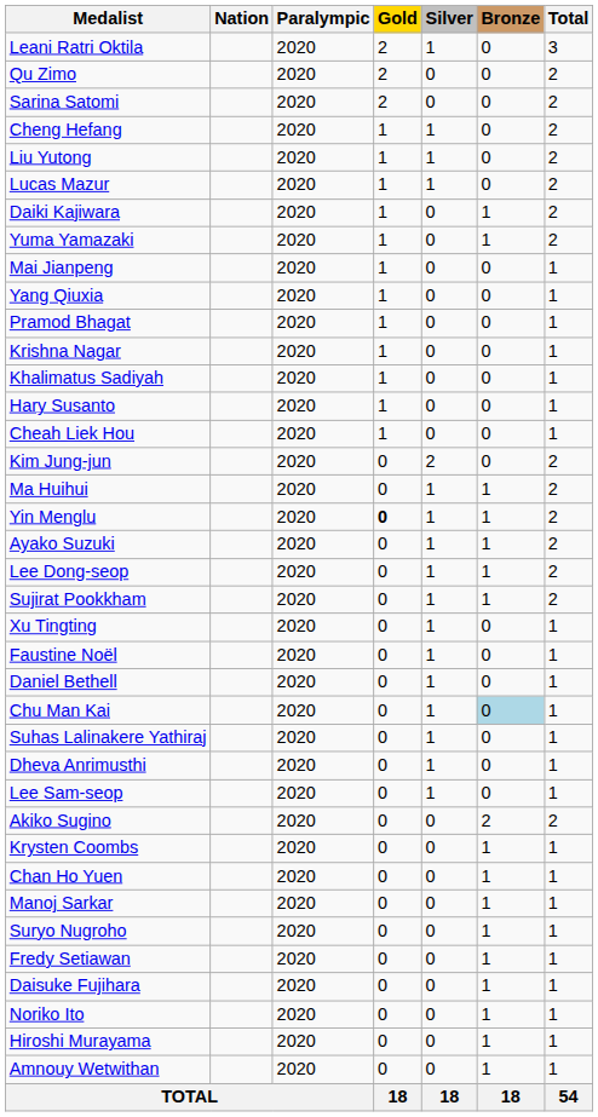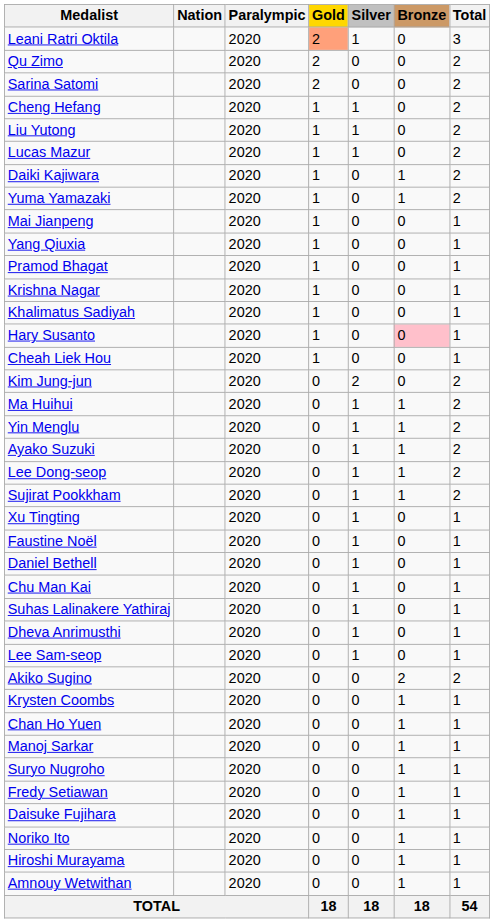 <table class="wikitable sortable">
 <tr>
 <th>Medalist</th>
 <th>Nation</th>
 <th>Paralympic</th>
 <th style="background-color: gold">Gold</th>
 <th style="background-color: silver">Silver</th>
 <th style="background-color: #cc9966">Bronze</th>
 <th>Total</th>
 </tr>
 <tr>
 <td><a href='#'>Leani Ratri Oktila</a></td>
 <td></td>
 <td>2020</td>
-<td>2</td>
+<td style="background: lightsalmon;">2</td>
 <td>1</td>
 <td>0</td>
 <td>3</td>
 </tr>
 <tr>
 <td><a href='#'>Qu Zimo</a></td>
 <td></td>
 <td>2020</td>
 <td>2</td>
 <td>0</td>
 <td>0</td>
 <td>2</td>
 </tr>
 <tr>
 <td><a href='#'>Sarina Satomi</a></td>
 <td></td>
 <td>2020</td>
 <td>2</td>
 <td>0</td>
 <td>0</td>
 <td>2</td>
 </tr>
 <tr>
 <td><a href='#'>Cheng Hefang</a></td>
 <td></td>
 <td>2020</td>
 <td>1</td>
 <td>1</td>
 <td>0</td>
 <td>2</td>
 </tr>
 <tr>
 <td><a href='#'>Liu Yutong</a></td>
 <td></td>
 <td>2020</td>
 <td>1</td>
 <td>1</td>
 <td>0</td>
 <td>2</td>
 </tr>
 <tr>
 <td><a href='#'>Lucas Mazur</a></td>
 <td></td>
 <td>2020</td>
 <td>1</td>
 <td>1</td>
 <td>0</td>
 <td>2</td>
 </tr>
 <tr>
 <td><a href='#'>Daiki Kajiwara</a></td>
 <td></td>
 <td>2020</td>
 <td>1</td>
 <td>0</td>
 <td>1</td>
 <td>2</td>
 </tr>
 <tr>
 <td><a href='#'>Yuma Yamazaki</a></td>
 <td></td>
 <td>2020</td>
 <td>1</td>
 <td>0</td>
 <td>1</td>
 <td>2</td>
 </tr>
 <tr>
 <td><a href='#'>Mai Jianpeng</a></td>
 <td></td>
 <td>2020</td>
 <td>1</td>
 <td>0</td>
 <td>0</td>
 <td>1</td>
 </tr>
 <tr>
 <td><a href='#'>Yang Qiuxia</a></td>
 <td></td>
 <td>2020</td>
 <td>1</td>
 <td>0</td>
 <td>0</td>
 <td>1</td>
 </tr>
 <tr>
 <td><a href='#'>Pramod Bhagat</a></td>
 <td></td>
 <td>2020</td>
 <td>1</td>
 <td>0</td>
 <td>0</td>
 <td>1</td>
 </tr>
 <tr>
 <td><a href='#'>Krishna Nagar</a></td>
 <td></td>
 <td>2020</td>
 <td>1</td>
 <td>0</td>
 <td>0</td>
 <td>1</td>
 </tr>
 <tr>
 <td><a href='#'>Khalimatus Sadiyah</a></td>
 <td></td>
 <td>2020</td>
 <td>1</td>
 <td>0</td>
 <td>0</td>
 <td>1</td>
 </tr>
 <tr>
 <td><a href='#'>Hary Susanto</a></td>
 <td></td>
 <td>2020</td>
 <td>1</td>
 <td>0</td>
-<td>0</td>
+<td style="background: pink;">0</td>
 <td>1</td>
 </tr>
 <tr>
 <td><a href='#'>Cheah Liek Hou</a></td>
 <td></td>
 <td>2020</td>
 <td>1</td>
 <td>0</td>
 <td>0</td>
 <td>1</td>
 </tr>
 <tr>
 <td><a href='#'>Kim Jung-jun</a></td>
 <td></td>
 <td>2020</td>
 <td>0</td>
 <td>2</td>
 <td>0</td>
 <td>2</td>
 </tr>
 <tr>
 <td><a href='#'>Ma Huihui</a></td>
 <td></td>
 <td>2020</td>
 <td>0</td>
 <td>1</td>
 <td>1</td>
 <td>2</td>
 </tr>
 <tr>
 <td><a href='#'>Yin Menglu</a></td>
 <td></td>
 <td>2020</td>
-<td><strong>0</strong></td>
+<td>0</td>
 <td>1</td>
 <td>1</td>
 <td>2</td>
 </tr>
 <tr>
 <td><a href='#'>Ayako Suzuki</a></td>
 <td></td>
 <td>2020</td>
 <td>0</td>
 <td>1</td>
 <td>1</td>
 <td>2</td>
 </tr>
 <tr>
 <td><a href='#'>Lee Dong-seop</a></td>
 <td></td>
 <td>2020</td>
 <td>0</td>
 <td>1</td>
 <td>1</td>
 <td>2</td>
 </tr>
 <tr>
 <td><a href='#'>Sujirat Pookkham</a></td>
 <td></td>
 <td>2020</td>
 <td>0</td>
 <td>1</td>
 <td>1</td>
 <td>2</td>
 </tr>
 <tr>
 <td><a href='#'>Xu Tingting</a></td>
 <td></td>
 <td>2020</td>
 <td>0</td>
 <td>1</td>
 <td>0</td>
 <td>1</td>
 </tr>
 <tr>
 <td><a href='#'>Faustine Noël</a></td>
 <td></td>
 <td>2020</td>
 <td>0</td>
 <td>1</td>
 <td>0</td>
 <td>1</td>
 </tr>
 <tr>
 <td><a href='#'>Daniel Bethell</a></td>
 <td></td>
 <td>2020</td>
 <td>0</td>
 <td>1</td>
 <td>0</td>
 <td>1</td>
 </tr>
 <tr>
 <td><a href='#'>Chu Man Kai</a></td>
 <td></td>
 <td>2020</td>
 <td>0</td>
 <td>1</td>
-<td style="background: lightblue;">0</td>
+<td>0</td>
 <td>1</td>
 </tr>
 <tr>
 <td><a href='#'>Suhas Lalinakere Yathiraj</a></td>
 <td></td>
 <td>2020</td>
 <td>0</td>
 <td>1</td>
 <td>0</td>
 <td>1</td>
 </tr>
 <tr>
 <td><a href='#'>Dheva Anrimusthi</a></td>
 <td></td>
 <td>2020</td>
 <td>0</td>
 <td>1</td>
 <td>0</td>
 <td>1</td>
 </tr>
 <tr>
 <td><a href='#'>Lee Sam-seop</a></td>
 <td></td>
 <td>2020</td>
 <td>0</td>
 <td>1</td>
 <td>0</td>
 <td>1</td>
 </tr>
 <tr>
 <td><a href='#'>Akiko Sugino</a></td>
 <td></td>
 <td>2020</td>
 <td>0</td>
 <td>0</td>
 <td>2</td>
 <td>2</td>
 </tr>
 <tr>
 <td><a href='#'>Krysten Coombs</a></td>
 <td></td>
 <td>2020</td>
 <td>0</td>
 <td>0</td>
 <td>1</td>
 <td>1</td>
 </tr>
 <tr>
 <td><a href='#'>Chan Ho Yuen</a></td>
 <td></td>
 <td>2020</td>
 <td>0</td>
 <td>0</td>
 <td>1</td>
 <td>1</td>
 </tr>
 <tr>
 <td><a href='#'>Manoj Sarkar</a></td>
 <td></td>
 <td>2020</td>
 <td>0</td>
 <td>0</td>
 <td>1</td>
 <td>1</td>
 </tr>
 <tr>
 <td><a href='#'>Suryo Nugroho</a></td>
 <td></td>
 <td>2020</td>
 <td>0</td>
 <td>0</td>
 <td>1</td>
 <td>1</td>
 </tr>
 <tr>
 <td><a href='#'>Fredy Setiawan</a></td>
 <td></td>
 <td>2020</td>
 <td>0</td>
 <td>0</td>
 <td>1</td>
 <td>1</td>
 </tr>
 <tr>
 <td><a href='#'>Daisuke Fujihara</a></td>
 <td></td>
 <td>2020</td>
 <td>0</td>
 <td>0</td>
 <td>1</td>
 <td>1</td>
 </tr>
 <tr>
 <td><a href='#'>Noriko Ito</a></td>
 <td></td>
 <td>2020</td>
 <td>0</td>
 <td>0</td>
 <td>1</td>
 <td>1</td>
 </tr>
 <tr>
 <td><a href='#'>Hiroshi Murayama</a></td>
 <td></td>
 <td>2020</td>
 <td>0</td>
 <td>0</td>
 <td>1</td>
 <td>1</td>
 </tr>
 <tr>
 <td><a href='#'>Amnouy Wetwithan</a></td>
 <td></td>
 <td>2020</td>
 <td>0</td>
 <td>0</td>
 <td>1</td>
 <td>1</td>
 </tr>
 <tr>
 <th colspan=3>TOTAL</th>
 <th>18</th>
 <th>18</th>
 <th>18</th>
 <th>54</th>
 </tr>
 </table>
